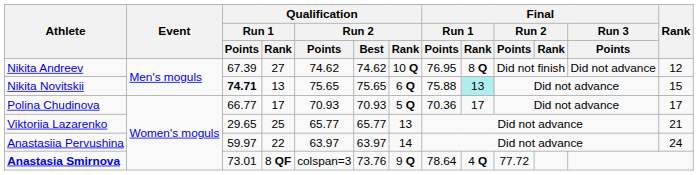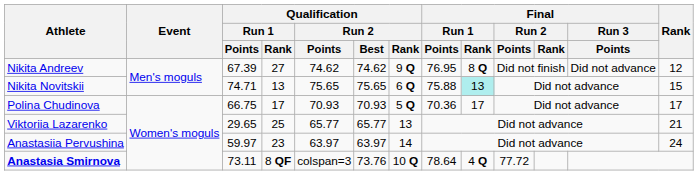 <table class=wikitable style="text-align:center; font-size:90%">
 <tr>
 <th rowspan=3>Athlete</th>
 <th rowspan=3>Event</th>
 <th colspan=5>Qualification</th>
 <th colspan=5>Final</th>
 <th rowspan=3>Rank</th>
 </tr>
 <tr style="font-size:95%">
 <th colspan=2>Run 1</th>
 <th colspan=3>Run 2</th>
 <th colspan=2>Run 1</th>
 <th colspan=2>Run 2</th>
 <th>Run 3</th>
 </tr>
 <tr style="font-size:95%">
 <th>Points</th>
 <th>Rank</th>
 <th>Points</th>
 <th>Best</th>
 <th>Rank</th>
 <th>Points</th>
 <th>Rank</th>
 <th>Points</th>
 <th>Rank</th>
 <th>Points</th>
 </tr>
 <tr>
 <td align=left><a href='#'>Nikita Andreev</a></td>
 <td align=left rowspan=2><a href='#'>Men's moguls</a></td>
 <td>67.39</td>
 <td>27</td>
 <td>74.62</td>
 <td>74.62</td>
-<td>10 <strong>Q</strong></td>
+<td>9 <strong>Q</strong></td>
 <td>76.95</td>
 <td>8 <strong>Q</strong></td>
 <td colspan=2>Did not finish</td>
 <td>Did not advance</td>
 <td>12</td>
 </tr>
 <tr>
 <td align=left><a href='#'>Nikita Novitskii</a></td>
-<td><strong>74.71</strong></td>
+<td>74.71</td>
 <td>13</td>
 <td>75.65</td>
 <td>75.65</td>
 <td>6 <strong>Q</strong></td>
 <td>75.88</td>
 <td style="background: paleturquoise;">13</td>
 <td colspan=3>Did not advance</td>
 <td>15</td>
 </tr>
 <tr>
 <td align=left><a href='#'>Polina Chudinova</a></td>
 <td align=left rowspan=4><a href='#'>Women's moguls</a></td>
-<td>66.77</td>
+<td>66.75</td>
 <td>17</td>
 <td>70.93</td>
 <td>70.93</td>
 <td>5 <strong>Q</strong></td>
 <td>70.36</td>
 <td>17</td>
 <td colspan=3>Did not advance</td>
 <td>17</td>
 </tr>
 <tr>
 <td align=left><a href='#'>Viktoriia Lazarenko</a></td>
 <td>29.65</td>
 <td>25</td>
 <td>65.77</td>
 <td>65.77</td>
 <td>13</td>
 <td colspan=5>Did not advance</td>
 <td>21</td>
 </tr>
 <tr>
 <td align=left><a href='#'>Anastasiia Pervushina</a></td>
 <td>59.97</td>
-<td>22</td>
+<td>23</td>
 <td>63.97</td>
 <td>63.97</td>
 <td>14</td>
 <td colspan=5>Did not advance</td>
 <td>24</td>
 </tr>
 <tr>
 <td align=left><strong><a href='#'>Anastasia Smirnova</a></strong></td>
-<td>73.01</td>
+<td>73.11</td>
 <td>8 <strong>QF</strong></td>
 <td>colspan=3 </td>
 <td>73.76</td>
-<td>9 <strong>Q</strong></td>
+<td>10 <strong>Q</strong></td>
 <td>78.64</td>
 <td>4 <strong>Q</strong></td>
 <td>77.72</td>
 <td></td>
 </tr>
 </table>
